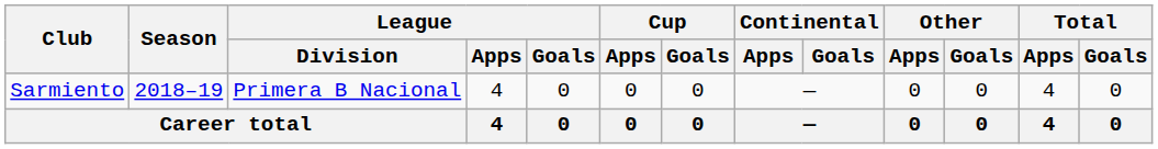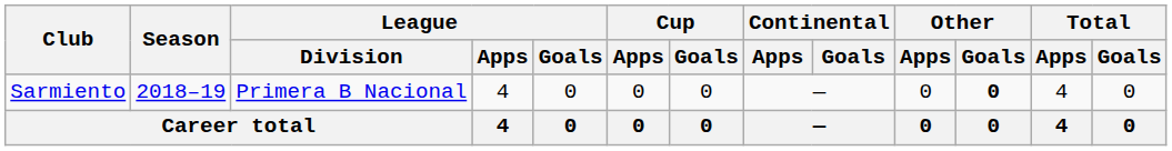 <table class="wikitable" style="text-align:center">
 <tr>
 <th rowspan="2">Club</th>
 <th rowspan="2">Season</th>
 <th colspan="3">League</th>
 <th colspan="2">Cup</th>
 <th colspan="2">Continental</th>
 <th colspan="2">Other</th>
 <th colspan="2">Total</th>
 </tr>
 <tr>
 <th>Division</th>
 <th>Apps</th>
 <th>Goals</th>
 <th>Apps</th>
 <th>Goals</th>
 <th>Apps</th>
 <th>Goals</th>
 <th>Apps</th>
 <th>Goals</th>
 <th>Apps</th>
 <th>Goals</th>
 </tr>
 <tr>
 <td rowspan="1"><a href='#'>Sarmiento</a></td>
 <td><a href='#'>2018–19</a></td>
 <td rowspan="1"><a href='#'>Primera B Nacional</a></td>
 <td>4</td>
 <td>0</td>
 <td>0</td>
 <td>0</td>
 <td colspan="2">—</td>
 <td>0</td>
-<td>0</td>
+<td><strong>0</strong></td>
 <td>4</td>
 <td>0</td>
 </tr>
 <tr>
 <th colspan="3">Career total</th>
 <th>4</th>
 <th>0</th>
 <th>0</th>
 <th>0</th>
 <th colspan="2">—</th>
 <th>0</th>
 <th>0</th>
 <th>4</th>
 <th>0</th>
 </tr>
 </table>
